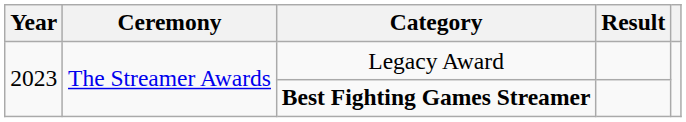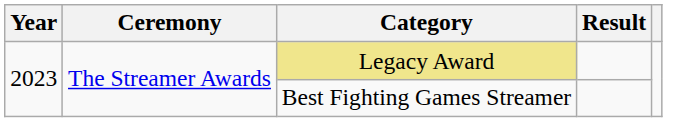 <table class="wikitable" style="text-align:center;">
 <tr>
 <th>Year</th>
 <th>Ceremony</th>
 <th>Category</th>
 <th>Result</th>
 <th></th>
 </tr>
 <tr>
 <td rowspan="2">2023</td>
 <td rowspan="2"><a href='#'>The Streamer Awards</a></td>
-<td>Legacy Award</td>
+<td style="background: khaki;">Legacy Award</td>
 <td></td>
 <td rowspan="2"></td>
 </tr>
 <tr>
-<td><strong>Best Fighting Games Streamer</strong></td>
+<td>Best Fighting Games Streamer</td>
 <td></td>
 </tr>
 </table>
